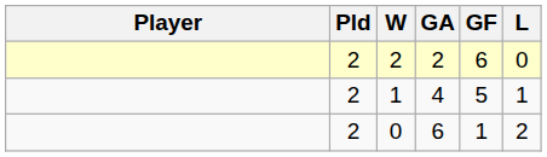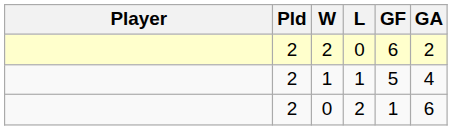 <table class=wikitable style="text-align:center">
 <tr>
 <th width=220>Player</th>
 <th width=20>Pld</th>
 <th width=20>W</th>
+<th width=20>L</th>
+<th width=20>GF</th>
 <th width=20>GA</th>
-<th width=20>GF</th>
-<th width=20>L</th>
 </tr>
 <tr bgcolor=#ffffcc>
 <td align=left></td>
 <td>2</td>
 <td>2</td>
+<td>0</td>
+<td>6</td>
 <td>2</td>
-<td>6</td>
-<td>0</td>
 </tr>
 <tr>
 <td align=left></td>
 <td>2</td>
 <td>1</td>
+<td>1</td>
+<td>5</td>
 <td>4</td>
-<td>5</td>
-<td>1</td>
 </tr>
 <tr>
 <td align=left></td>
 <td>2</td>
 <td>0</td>
+<td>2</td>
+<td>1</td>
 <td>6</td>
-<td>1</td>
-<td>2</td>
 </tr>
 </table>
